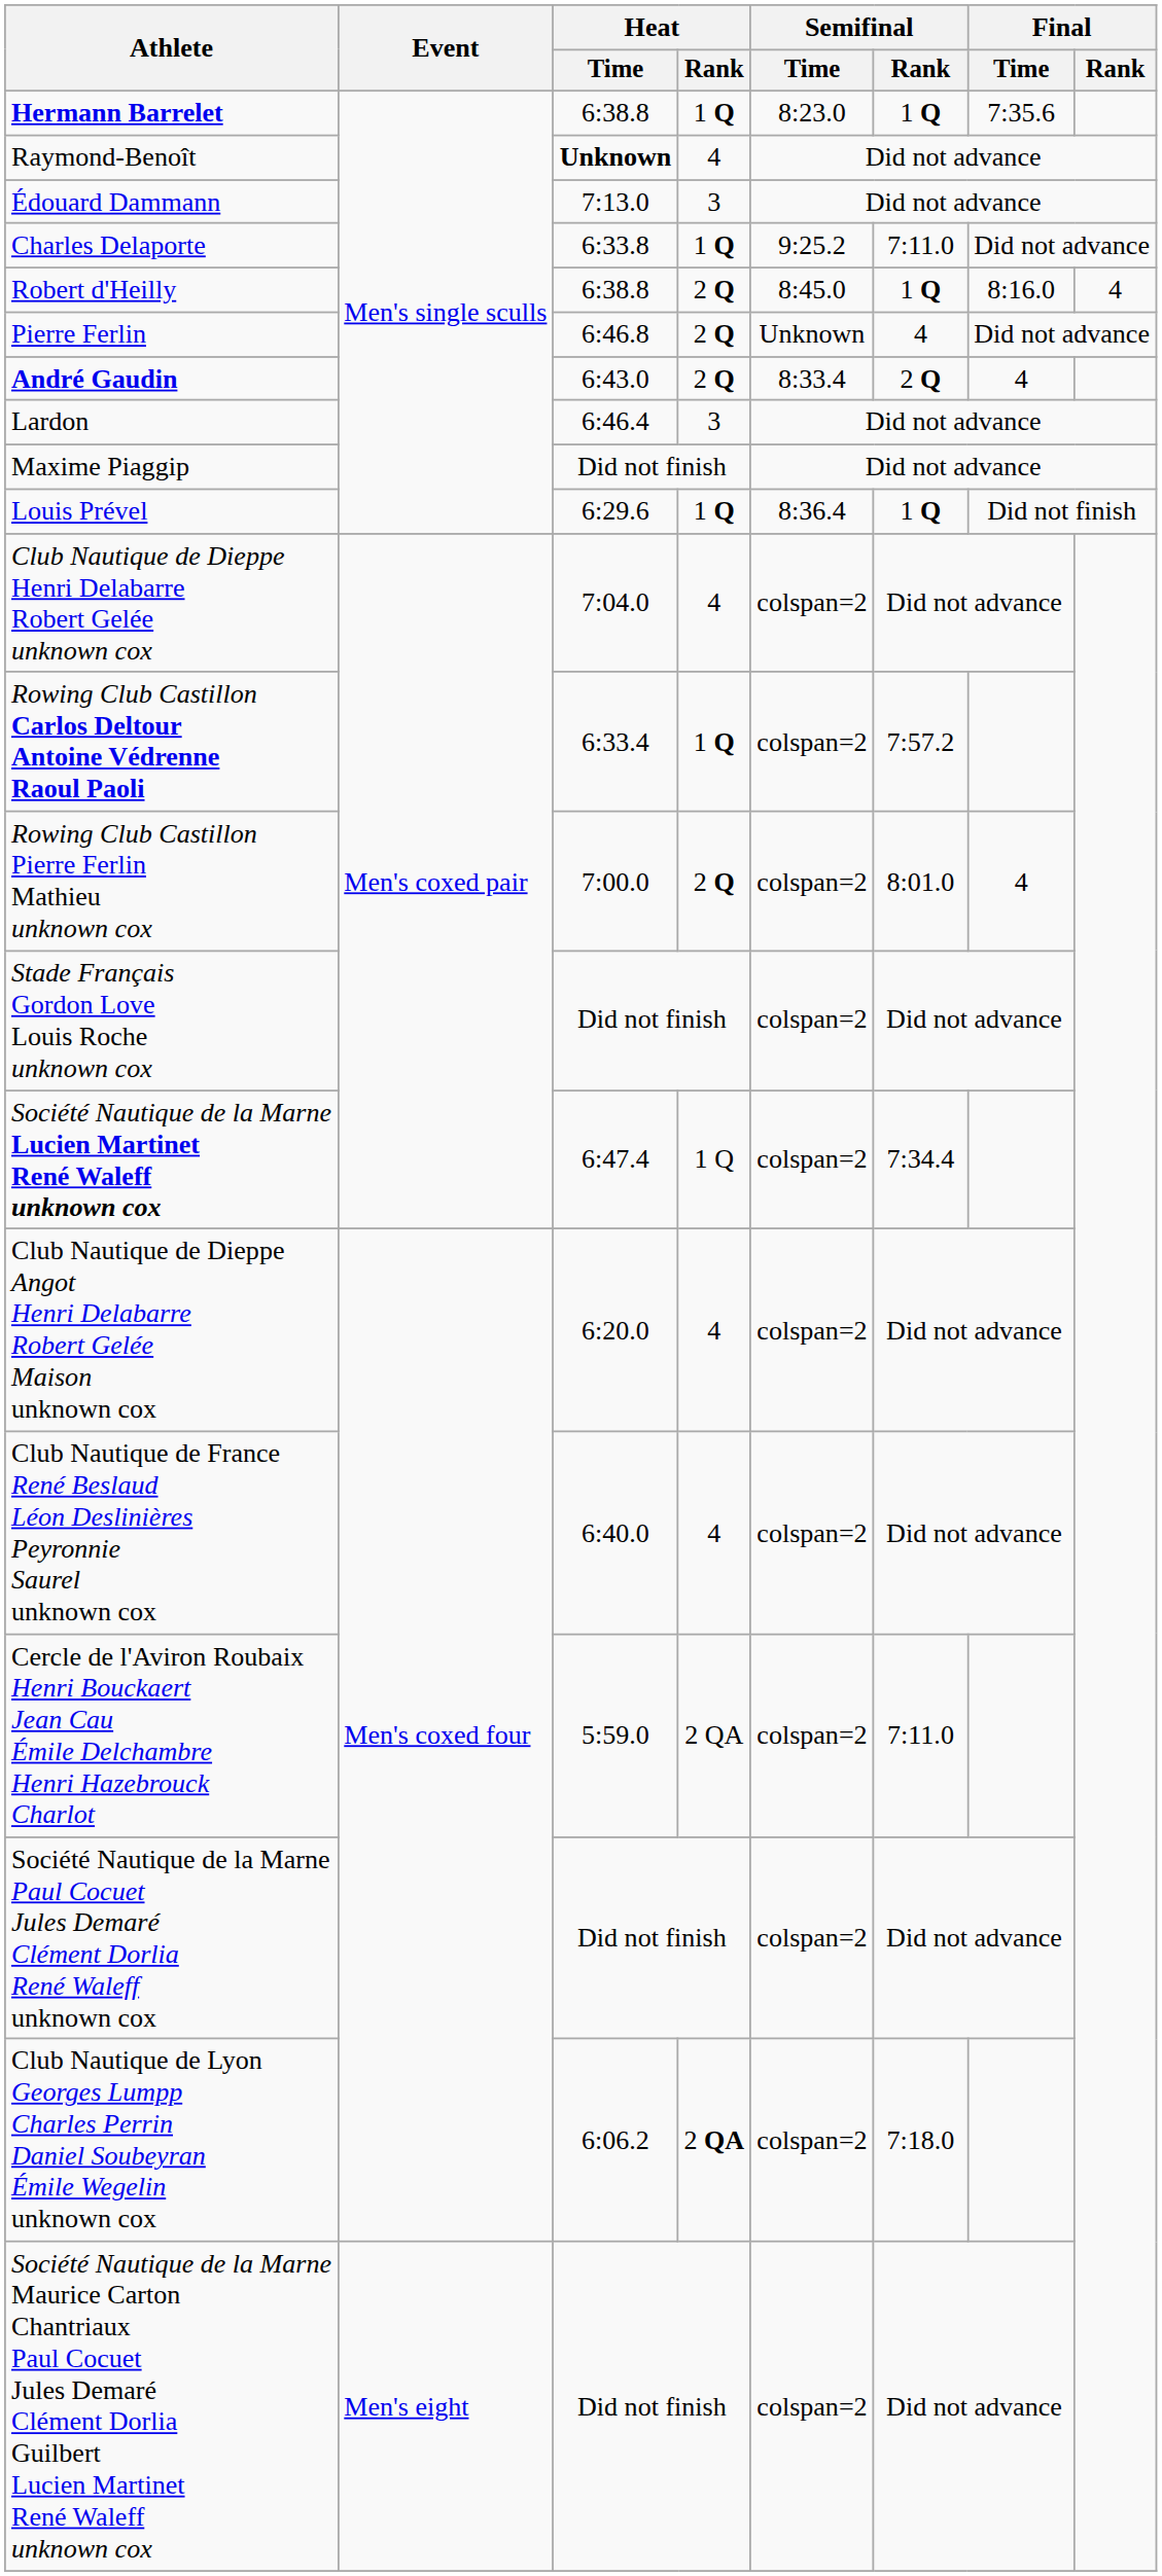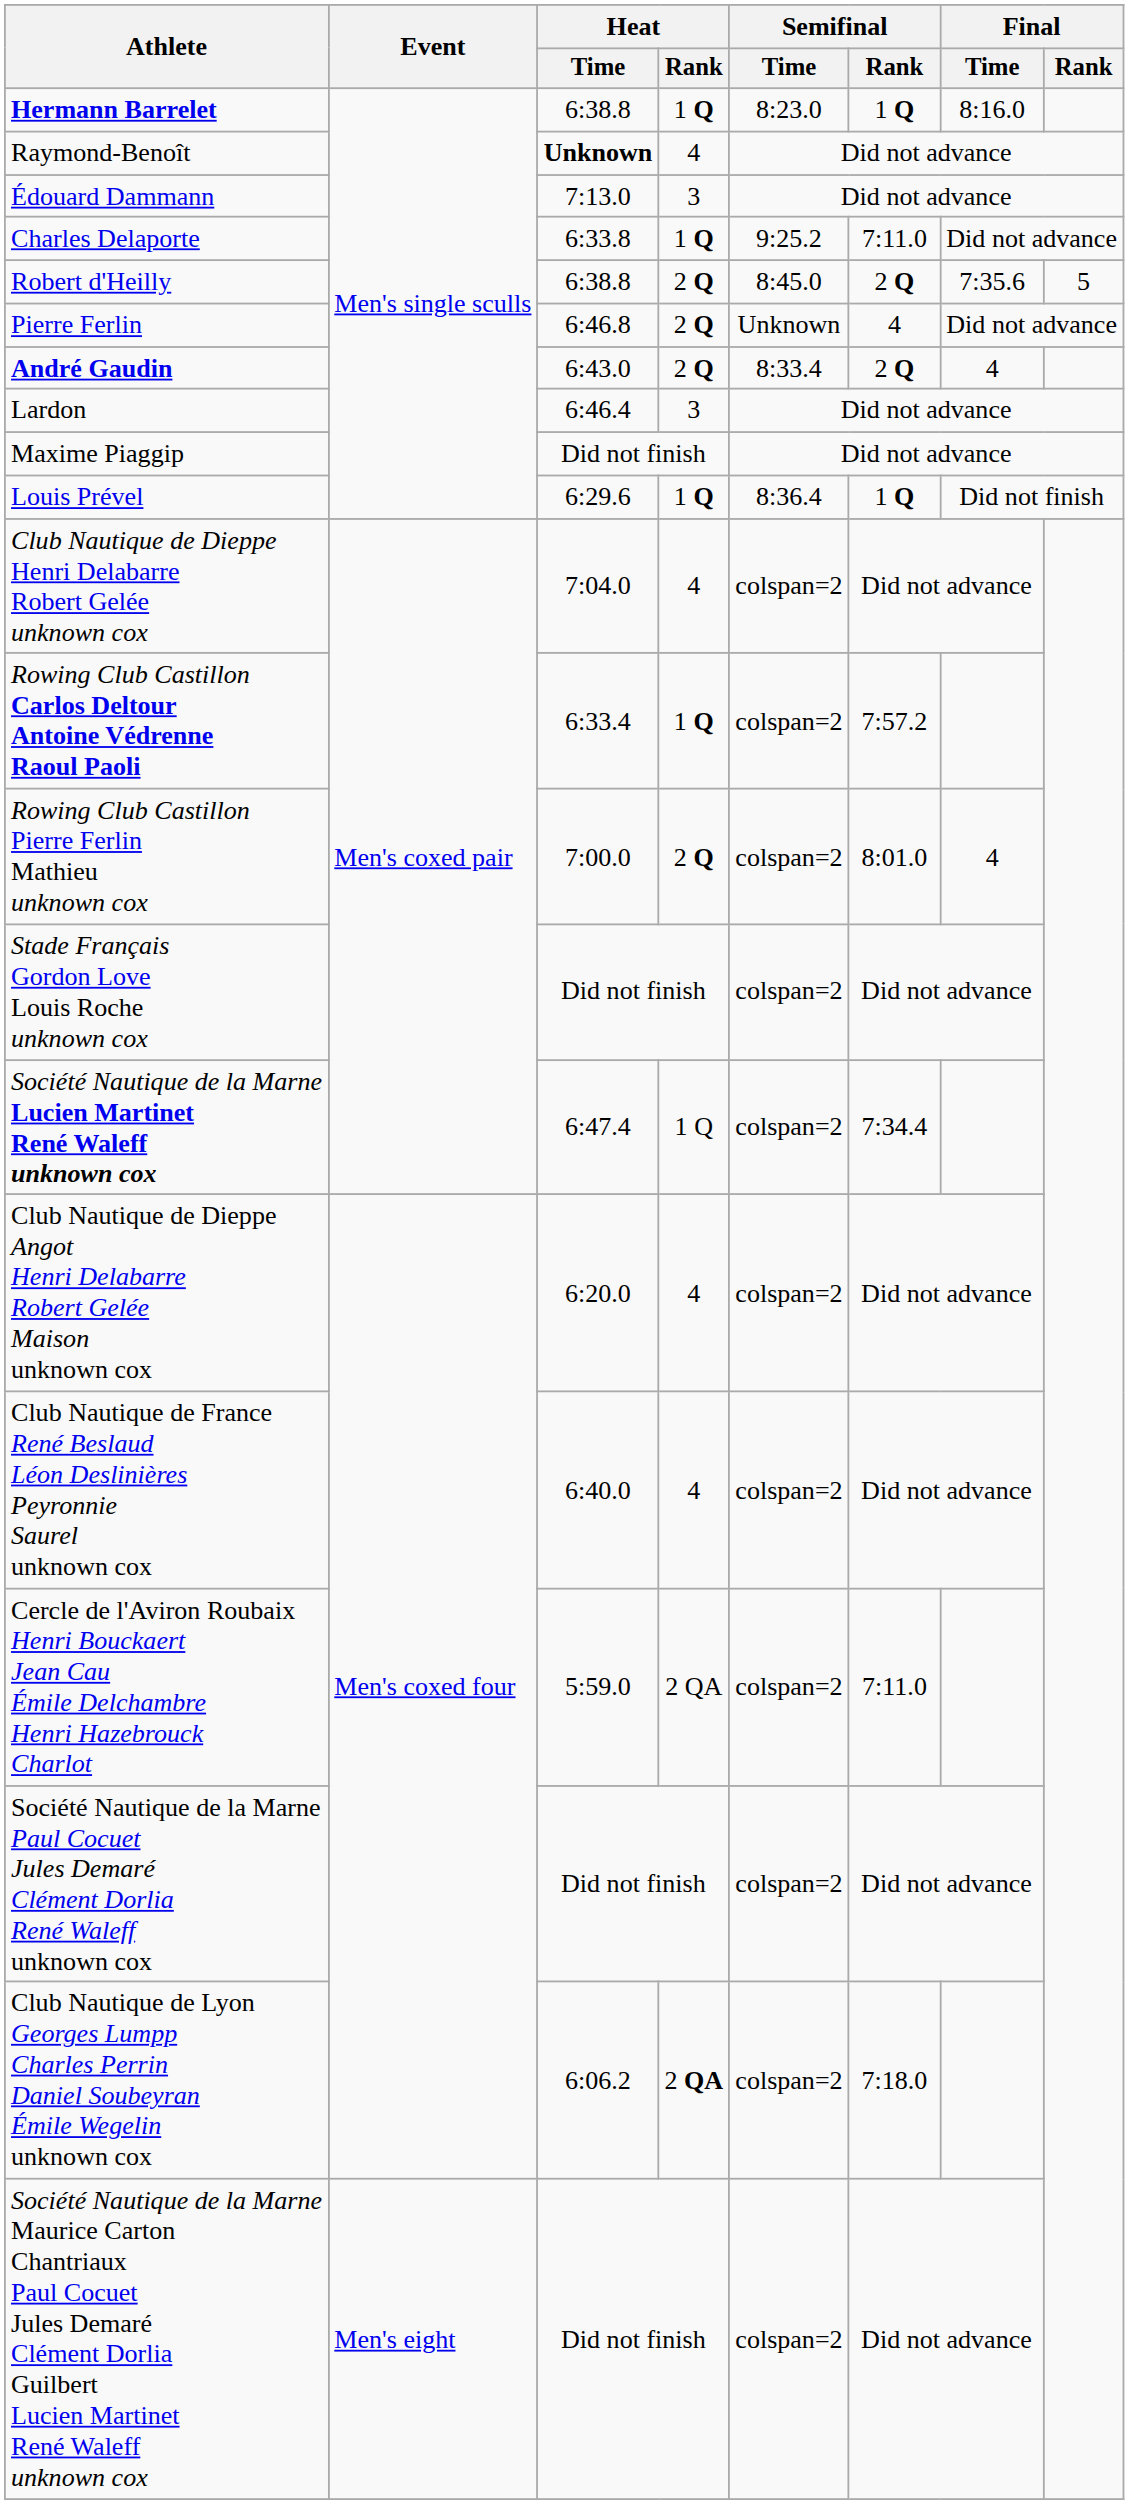 <table class=wikitable style=font-size:90%;text-align:center>
 <tr>
 <th rowspan=2>Athlete</th>
 <th rowspan=2>Event</th>
 <th colspan=2>Heat</th>
 <th colspan=2>Semifinal</th>
 <th colspan=2>Final</th>
 </tr>
 <tr style=font-size:95%>
 <th>Time</th>
 <th>Rank</th>
 <th>Time</th>
 <th>Rank</th>
 <th>Time</th>
 <th>Rank</th>
 </tr>
 <tr>
 <td align=left><strong><a href='#'>Hermann Barrelet</a></strong></td>
 <td align=left rowspan=10><a href='#'>Men's single sculls</a></td>
 <td>6:38.8</td>
 <td>1 <strong>Q</strong></td>
 <td>8:23.0</td>
 <td>1 <strong>Q</strong></td>
-<td>7:35.6</td>
+<td>8:16.0</td>
 <td></td>
 </tr>
 <tr>
 <td align=left>Raymond-Benoît</td>
 <td><strong>Unknown</strong></td>
 <td>4</td>
 <td colspan=4>Did not advance</td>
 </tr>
 <tr>
 <td align=left><a href='#'>Édouard Dammann</a></td>
 <td>7:13.0</td>
 <td>3</td>
 <td colspan=4>Did not advance</td>
 </tr>
 <tr>
 <td align=left><a href='#'>Charles Delaporte</a></td>
 <td>6:33.8</td>
 <td>1 <strong>Q</strong></td>
 <td>9:25.2</td>
 <td>7:11.0</td>
 <td colspan=2>Did not advance</td>
 </tr>
 <tr>
 <td align=left><a href='#'>Robert d'Heilly</a></td>
 <td>6:38.8</td>
 <td>2 <strong>Q</strong></td>
 <td>8:45.0</td>
-<td>1 <strong>Q</strong></td>
-<td>8:16.0</td>
-<td>4</td>
+<td>2 <strong>Q</strong></td>
+<td>7:35.6</td>
+<td>5</td>
 </tr>
 <tr>
 <td align=left><a href='#'>Pierre Ferlin</a></td>
 <td>6:46.8</td>
 <td>2 <strong>Q</strong></td>
 <td>Unknown</td>
 <td>4</td>
 <td colspan=2>Did not advance</td>
 </tr>
 <tr>
 <td align=left><strong><a href='#'>André Gaudin</a></strong></td>
 <td>6:43.0</td>
 <td>2 <strong>Q</strong></td>
 <td>8:33.4</td>
 <td>2 <strong>Q</strong></td>
 <td>4</td>
 <td></td>
 </tr>
 <tr>
 <td align=left>Lardon</td>
 <td>6:46.4</td>
 <td>3</td>
 <td colspan=4>Did not advance</td>
 </tr>
 <tr>
 <td align=left>Maxime Piaggip</td>
 <td colspan=2>Did not finish</td>
 <td colspan=4>Did not advance</td>
 </tr>
 <tr>
 <td align=left><a href='#'>Louis Prével</a></td>
 <td>6:29.6</td>
 <td>1 <strong>Q</strong></td>
 <td>8:36.4</td>
 <td>1 <strong>Q</strong></td>
 <td colspan=2>Did not finish</td>
 </tr>
 <tr>
 <td align=left><em>Club Nautique de Dieppe</em><br><a href='#'>Henri Delabarre</a><br><a href='#'>Robert Gelée</a><br><em>unknown cox</em></td>
 <td align=left rowspan=5><a href='#'>Men's coxed pair</a></td>
 <td>7:04.0</td>
 <td>4</td>
 <td>colspan=2 </td>
 <td colspan=2>Did not advance</td>
 </tr>
 <tr>
 <td align=left><em>Rowing Club Castillon</em><br><strong><a href='#'>Carlos Deltour</a><br><a href='#'>Antoine Védrenne</a><br><a href='#'>Raoul Paoli</a></strong></td>
 <td>6:33.4</td>
 <td>1 <strong>Q</strong></td>
 <td>colspan=2 </td>
 <td>7:57.2</td>
 <td></td>
 </tr>
 <tr>
 <td align=left><em>Rowing Club Castillon</em><br><a href='#'>Pierre Ferlin</a><br>Mathieu<br><em>unknown cox</em></td>
 <td>7:00.0</td>
 <td>2 <strong>Q</strong></td>
 <td>colspan=2 </td>
 <td>8:01.0</td>
 <td>4</td>
 </tr>
 <tr>
 <td align=left><em>Stade Français</em><br><a href='#'>Gordon Love</a><br>Louis Roche<br><em>unknown cox</em></td>
 <td colspan=2>Did not finish</td>
 <td>colspan=2 </td>
 <td colspan=2>Did not advance</td>
 </tr>
 <tr>
 <td align=left><em>Société Nautique de la Marne</em><br><strong><a href='#'>Lucien Martinet</a><br><a href='#'>René Waleff</a><br><em>unknown cox<strong><em></td>
 <td>6:47.4</td>
 <td>1 </strong>Q<strong></td>
 <td>colspan=2 </td>
 <td>7:34.4</td>
 <td></td>
 </tr>
 <tr>
 <td align=left></em>Club Nautique de Dieppe<em><br>Angot<br><a href='#'>Henri Delabarre</a><br><a href='#'>Robert Gelée</a><br>Maison<br></em>unknown cox<em></td>
 <td align=left rowspan=5><a href='#'>Men's coxed four</a></td>
 <td>6:20.0</td>
 <td>4</td>
 <td>colspan=2 </td>
 <td colspan=2>Did not advance</td>
 </tr>
 <tr>
 <td align=left></em>Club Nautique de France<em><br><a href='#'>René Beslaud</a><br><a href='#'>Léon Deslinières</a><br>Peyronnie<br>Saurel<br></em>unknown cox<em></td>
 <td>6:40.0</td>
 <td>4</td>
 <td>colspan=2 </td>
 <td colspan=2>Did not advance</td>
 </tr>
 <tr>
 <td align=left></em>Cercle de l'Aviron Roubaix<em><br></strong><a href='#'>Henri Bouckaert</a><br><a href='#'>Jean Cau</a><br><a href='#'>Émile Delchambre</a><br><a href='#'>Henri Hazebrouck</a><br><a href='#'>Charlot</a><strong></td>
 <td>5:59.0</td>
 <td>2 </strong>QA<strong></td>
 <td>colspan=2 </td>
 <td>7:11.0</td>
 <td></td>
 </tr>
 <tr>
 <td align=left></em>Société Nautique de la Marne<em><br><a href='#'>Paul Cocuet</a><br>Jules Demaré<br><a href='#'>Clément Dorlia</a><br><a href='#'>René Waleff</a><br></em>unknown cox<em></td>
 <td colspan=2>Did not finish</td>
 <td>colspan=2 </td>
 <td colspan=2>Did not advance</td>
 </tr>
 <tr>
 <td align=left></em>Club Nautique de Lyon<em><br></strong><a href='#'>Georges Lumpp</a><br><a href='#'>Charles Perrin</a><br><a href='#'>Daniel Soubeyran</a><br><a href='#'>Émile Wegelin</a><br></em>unknown cox</em></strong></td>
 <td>6:06.2</td>
 <td>2 <strong>QA</strong></td>
 <td>colspan=2 </td>
 <td>7:18.0</td>
 <td></td>
 </tr>
 <tr>
 <td align=left><em>Société Nautique de la Marne</em><br>Maurice Carton<br>Chantriaux<br><a href='#'>Paul Cocuet</a><br>Jules Demaré<br><a href='#'>Clément Dorlia</a><br>Guilbert<br><a href='#'>Lucien Martinet</a><br><a href='#'>René Waleff</a><br><em>unknown cox</em></td>
 <td align=left><a href='#'>Men's eight</a></td>
 <td colspan=2>Did not finish</td>
 <td>colspan=2 </td>
 <td colspan=2>Did not advance</td>
 </tr>
 </table>
